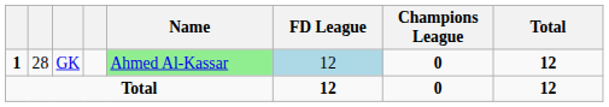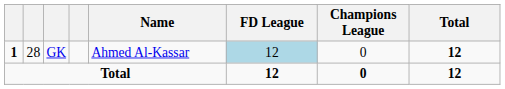 <table class="wikitable" style="text-align:center">
 <tr>
 <th width=15></th>
 <th width=15></th>
 <th width=15></th>
 <th width=15></th>
 <th width=155>Name</th>
 <th width=100>FD League</th>
 <th width=100>Champions League</th>
 <th width=100>Total</th>
 </tr>
 <tr>
 <td><strong>1</strong></td>
 <td>28</td>
 <td><a href='#'>GK</a></td>
 <td></td>
-<td align=left style="background: lightgreen;"><a href='#'>Ahmed Al-Kassar</a></td>
+<td align=left><a href='#'>Ahmed Al-Kassar</a></td>
 <td style="background: lightblue;">12</td>
-<td><strong>0</strong></td>
+<td>0</td>
 <td><strong>12</strong></td>
 </tr>
 <tr>
 <td colspan=5><strong>Total</strong></td>
 <td><strong>12</strong></td>
 <td><strong>0</strong></td>
 <td><strong>12</strong></td>
 </tr>
 </table>
